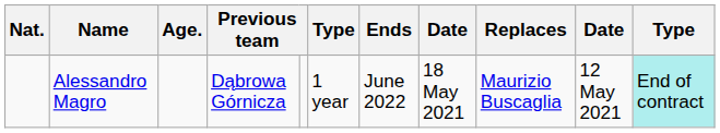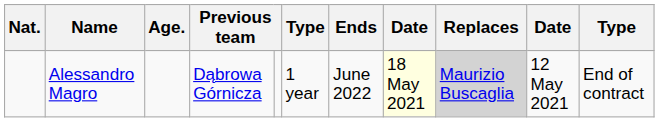 <table class="wikitable sortable">
 <tr>
 <th>Nat.</th>
 <th>Name</th>
 <th>Age.</th>
 <th colspan=2>Previous team</th>
 <th>Type</th>
 <th>Ends</th>
 <th>Date</th>
 <th>Replaces</th>
 <th>Date</th>
 <th>Type</th>
 </tr>
 <tr>
 <td style="text-align: center;"></td>
 <td><a href='#'>Alessandro Magro</a></td>
 <td style="text-align: center;"></td>
 <td><a href='#'>Dąbrowa Górnicza</a></td>
 <td style="text-align: center;"></td>
 <td>1 year</td>
 <td>June 2022</td>
-<td>18 May 2021</td>
-<td><a href='#'>Maurizio Buscaglia</a></td>
+<td style="background: lightyellow;">18 May 2021</td>
+<td style="background: lightgrey;"><a href='#'>Maurizio Buscaglia</a></td>
 <td>12 May 2021</td>
-<td style="background: paleturquoise;">End of contract</td>
+<td>End of contract</td>
 </tr>
 </table>
